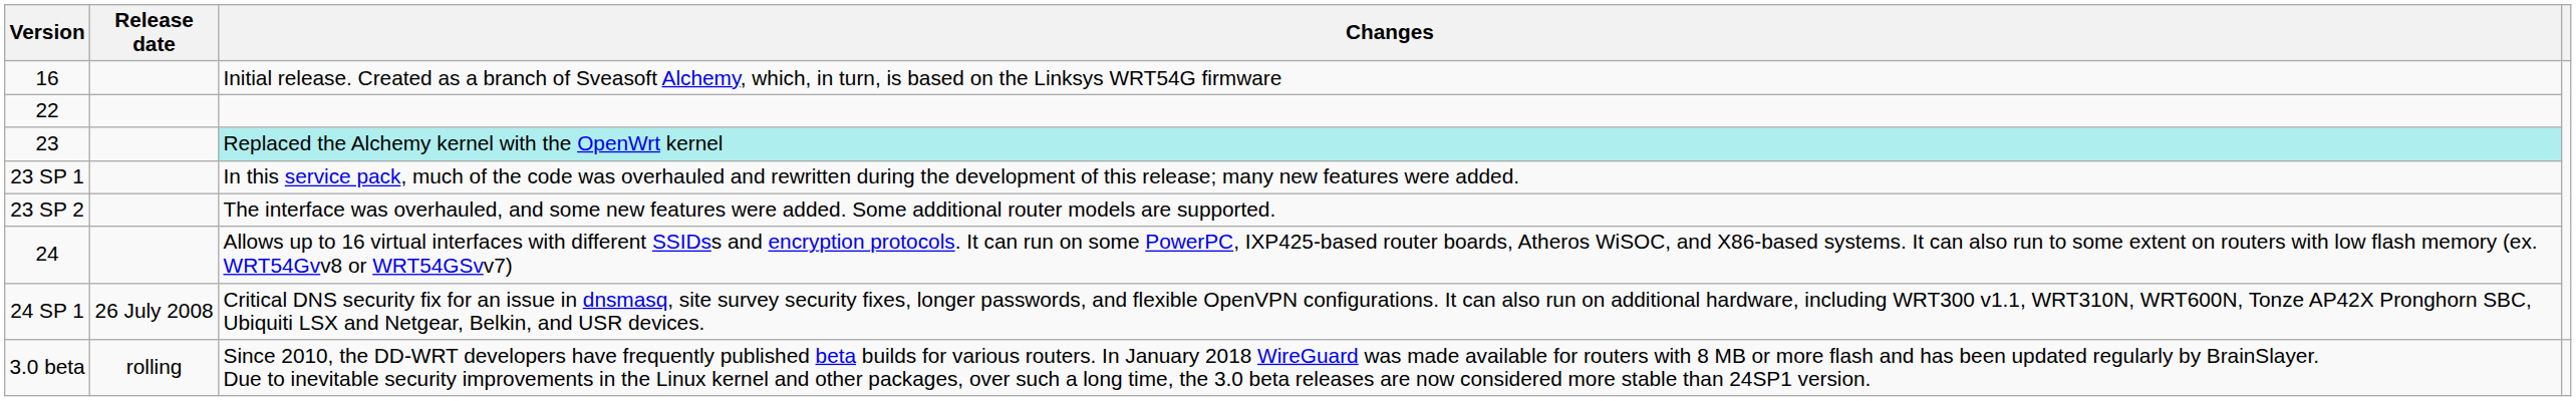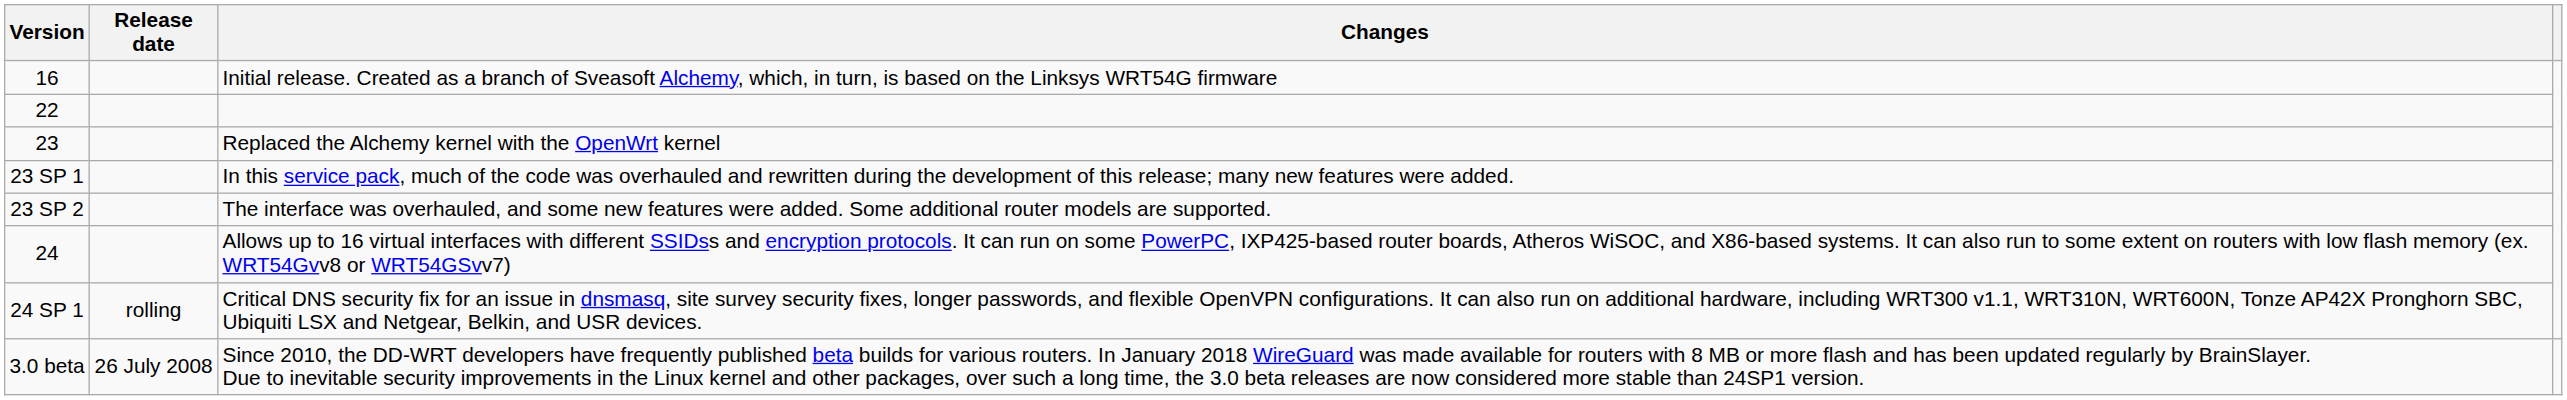 <table class="wikitable" style="text-align:center">
 <tr>
 <th scope="col">Version</th>
 <th scope="col">Release date</th>
 <th scope="col">Changes</th>
 <th scope="col"></th>
 </tr>
 <tr>
 <td>16</td>
 <td></td>
 <td style="text-align:left">Initial release. Created as a branch of Sveasoft <a href='#'>Alchemy</a>, which, in turn, is based on the Linksys WRT54G firmware</td>
 <td rowspan=7></td>
 </tr>
 <tr>
 <td>22</td>
 <td></td>
 <td></td>
 </tr>
 <tr>
 <td>23</td>
 <td></td>
-<td style="background: paleturquoise; text-align:left">Replaced the Alchemy kernel with the <a href='#'>OpenWrt</a> kernel</td>
+<td style="text-align:left">Replaced the Alchemy kernel with the <a href='#'>OpenWrt</a> kernel</td>
 </tr>
 <tr>
 <td>23 SP 1</td>
 <td></td>
 <td style="text-align:left">In this <a href='#'>service pack</a>, much of the code was overhauled and rewritten during the development of this release; many new features were added.</td>
 </tr>
 <tr>
 <td>23 SP 2</td>
 <td></td>
 <td style="text-align:left">The interface was overhauled, and some new features were added. Some additional router models are supported.</td>
 </tr>
 <tr>
 <td>24</td>
 <td></td>
 <td style="text-align:left">Allows up to 16 virtual interfaces with different <a href='#'>SSIDs</a>s and <a href='#'>encryption protocols</a>. It can run on some <a href='#'>PowerPC</a>, IXP425-based router boards, Atheros WiSOC, and X86-based systems. It can also run to some extent on routers with low flash memory (ex. <a href='#'>WRT54Gv</a>v8 or <a href='#'>WRT54GSv</a>v7)</td>
 </tr>
 <tr>
 <td>24 SP 1</td>
-<td>26 July 2008</td>
+<td>rolling</td>
 <td style="text-align:left">Critical DNS security fix for an issue in <a href='#'>dnsmasq</a>, site survey security fixes, longer passwords, and flexible OpenVPN configurations. It can also run on additional hardware, including WRT300 v1.1, WRT310N, WRT600N, Tonze AP42X Pronghorn SBC, Ubiquiti LSX and Netgear, Belkin, and USR devices.</td>
 </tr>
 <tr>
 <td>3.0 beta</td>
-<td>rolling</td>
+<td>26 July 2008</td>
 <td style="text-align:left">Since 2010, the DD-WRT developers have frequently published <a href='#'>beta</a> builds for various routers. In January 2018 <a href='#'>WireGuard</a> was made available for routers with 8 MB or more flash and has been updated regularly by BrainSlayer.<br>Due to inevitable security improvements in the Linux kernel and other packages, over such a long time, the 3.0 beta releases are now considered more stable than 24SP1 version. </td>
 <td></td>
 </tr>
 </table>
